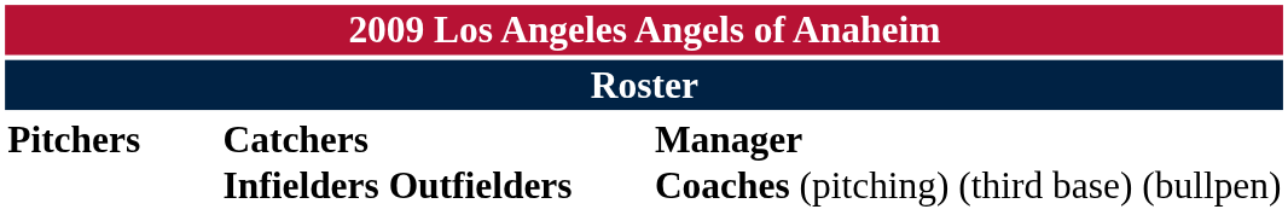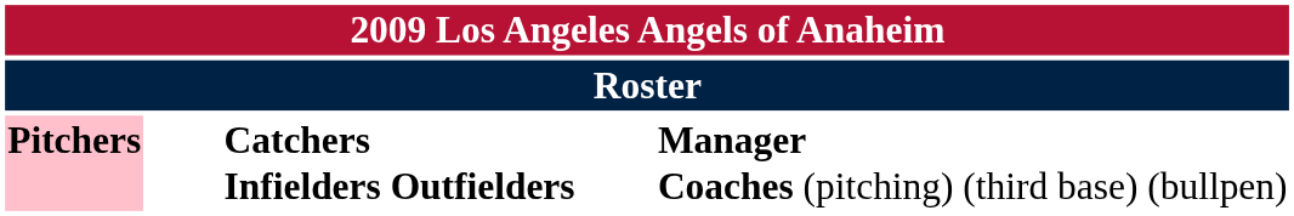 <table class="toccolours" style="font-size: 95%;">
 <tr>
 <th colspan="10" style="background-color: #B71234; color: white; text-align: center;">2009 Los Angeles Angels of Anaheim</th>
 </tr>
 <tr>
 <td colspan="10" style="background-color:#002244; color: white; text-align: center;"><strong>Roster</strong></td>
 </tr>
 <tr>
-<td valign="top"><strong>Pitchers</strong><br>                        </td>
+<td valign="top" style="background: pink;"><strong>Pitchers</strong><br>                        </td>
 <td width="25px"></td>
 <td valign="top"><strong>Catchers</strong><br>    <strong>Infielders</strong>          <strong>Outfielders</strong>        </td>
 <td width="25px"></td>
 <td valign="top"><strong>Manager</strong><br> <strong>Coaches</strong>  (pitching)  (third base)    (bullpen)  </td>
 </tr>
 </table>
